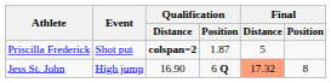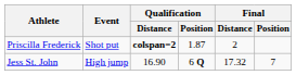 <table class=wikitable style="font-size:90%">
 <tr>
 <th rowspan=2>Athlete</th>
 <th rowspan=2>Event</th>
 <th colspan=2>Qualification</th>
 <th colspan=2>Final</th>
 </tr>
 <tr style="font-size:95%">
 <th>Distance</th>
 <th>Position</th>
 <th>Distance</th>
 <th>Position</th>
 </tr>
 <tr align=center>
 <td align=left><a href='#'>Priscilla Frederick</a></td>
 <td align=left><a href='#'>Shot put</a></td>
 <td><strong>colspan=2 </strong></td>
 <td>1.87</td>
-<td>5</td>
+<td>2</td>
 </tr>
 <tr align=center>
 <td align=left><a href='#'>Jess St. John</a></td>
 <td align=left><a href='#'>High jump</a></td>
 <td>16.90</td>
 <td>6 <strong>Q</strong></td>
-<td style="background: lightsalmon;">17.32</td>
-<td>8</td>
+<td>17.32</td>
+<td>7</td>
 </tr>
 </table>
